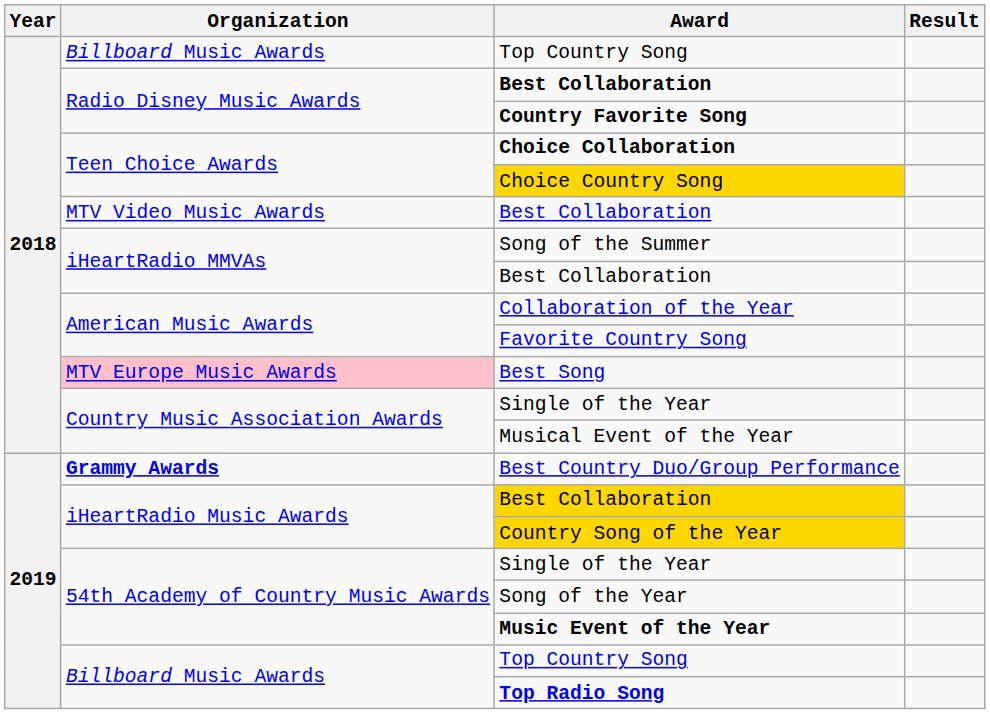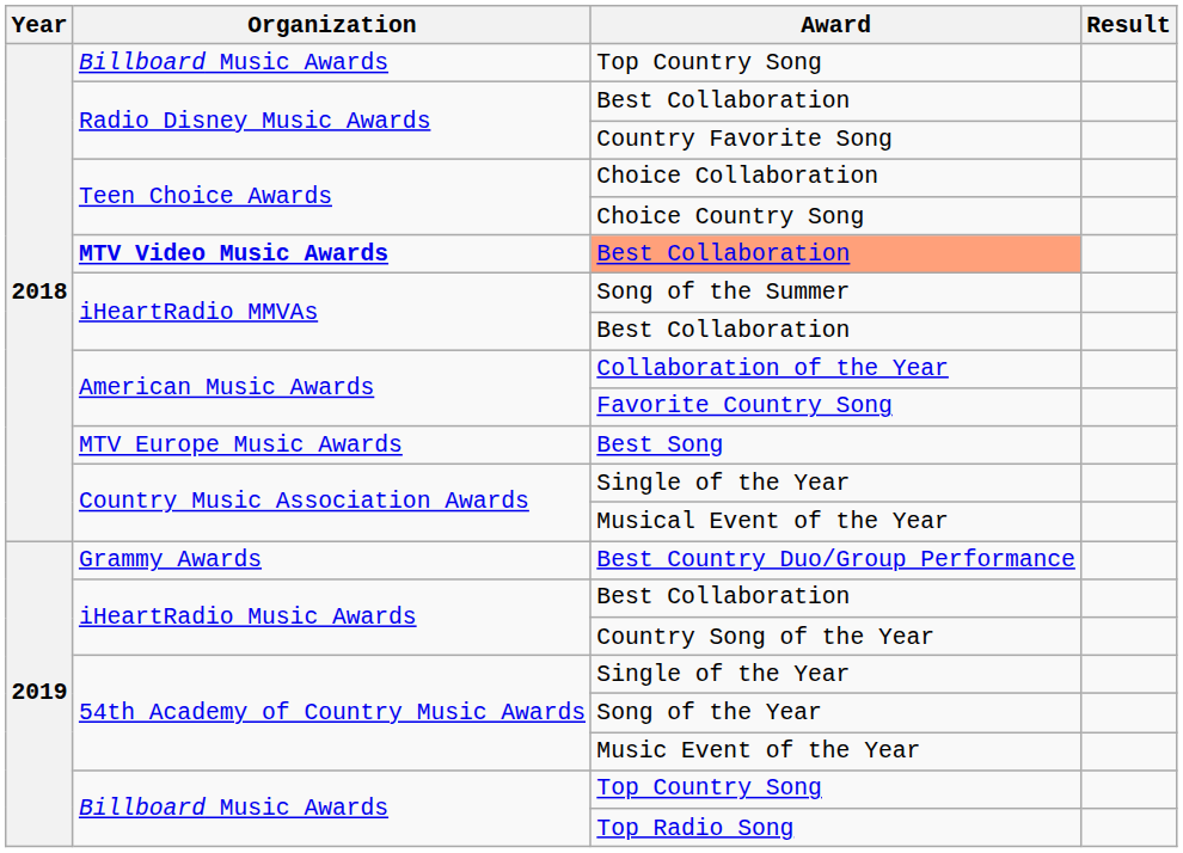 <table class="wikitable" border="1">
 <tr>
 <th>Year</th>
 <th>Organization</th>
 <th>Award</th>
 <th>Result</th>
 </tr>
 <tr>
 <th rowspan="13">2018</th>
 <td><a href='#'><em>Billboard</em> Music Awards</a></td>
 <td>Top Country Song</td>
 <td></td>
 </tr>
 <tr>
 <td rowspan="2"><a href='#'>Radio Disney Music Awards</a></td>
-<td><strong>Best Collaboration</strong></td>
+<td>Best Collaboration</td>
 <td></td>
 </tr>
 <tr>
-<td><strong>Country Favorite Song</strong></td>
+<td>Country Favorite Song</td>
 <td></td>
 </tr>
 <tr>
 <td rowspan="2"><a href='#'>Teen Choice Awards</a></td>
-<td><strong>Choice Collaboration</strong></td>
+<td>Choice Collaboration</td>
 <td></td>
 </tr>
 <tr>
-<td style="background: gold;">Choice Country Song</td>
+<td>Choice Country Song</td>
 <td></td>
 </tr>
 <tr>
-<td><a href='#'>MTV Video Music Awards</a></td>
-<td><a href='#'>Best Collaboration</a></td>
+<td><strong><a href='#'>MTV Video Music Awards</a></strong></td>
+<td style="background: lightsalmon;"><a href='#'>Best Collaboration</a></td>
 <td></td>
 </tr>
 <tr>
 <td rowspan="2"><a href='#'>iHeartRadio MMVAs</a></td>
 <td>Song of the Summer</td>
 <td></td>
 </tr>
 <tr>
 <td>Best Collaboration</td>
 <td></td>
 </tr>
 <tr>
 <td rowspan="2"><a href='#'>American Music Awards</a></td>
 <td><a href='#'>Collaboration of the Year</a></td>
 <td></td>
 </tr>
 <tr>
 <td><a href='#'>Favorite Country Song</a></td>
 <td></td>
 </tr>
 <tr>
-<td style="background: pink;"><a href='#'>MTV Europe Music Awards</a></td>
+<td><a href='#'>MTV Europe Music Awards</a></td>
 <td><a href='#'>Best Song</a></td>
 <td></td>
 </tr>
 <tr>
 <td rowspan="2"><a href='#'>Country Music Association Awards</a></td>
 <td>Single of the Year</td>
 <td></td>
 </tr>
 <tr>
 <td>Musical Event of the Year</td>
 <td></td>
 </tr>
 <tr>
 <th rowspan="8">2019</th>
-<td><strong><a href='#'>Grammy Awards</a></strong></td>
+<td><a href='#'>Grammy Awards</a></td>
 <td><a href='#'>Best Country Duo/Group Performance</a></td>
 <td></td>
 </tr>
 <tr>
 <td rowspan="2"><a href='#'>iHeartRadio Music Awards</a></td>
-<td style="background: gold;">Best Collaboration</td>
+<td>Best Collaboration</td>
 <td></td>
 </tr>
 <tr>
-<td style="background: gold;">Country Song of the Year</td>
+<td>Country Song of the Year</td>
 <td></td>
 </tr>
 <tr>
 <td rowspan="3"><a href='#'>54th Academy of Country Music Awards</a></td>
 <td>Single of the Year</td>
 <td></td>
 </tr>
 <tr>
 <td>Song of the Year</td>
 <td></td>
 </tr>
 <tr>
-<td><strong>Music Event of the Year</strong></td>
+<td>Music Event of the Year</td>
 <td></td>
 </tr>
 <tr>
 <td rowspan="2"><a href='#'><em>Billboard</em> Music Awards</a></td>
 <td rowspan="1"><a href='#'>Top Country Song</a></td>
 <td></td>
 </tr>
 <tr>
-<td><strong><a href='#'>Top Radio Song</a></strong></td>
+<td><a href='#'>Top Radio Song</a></td>
 <td></td>
 </tr>
 </table>
